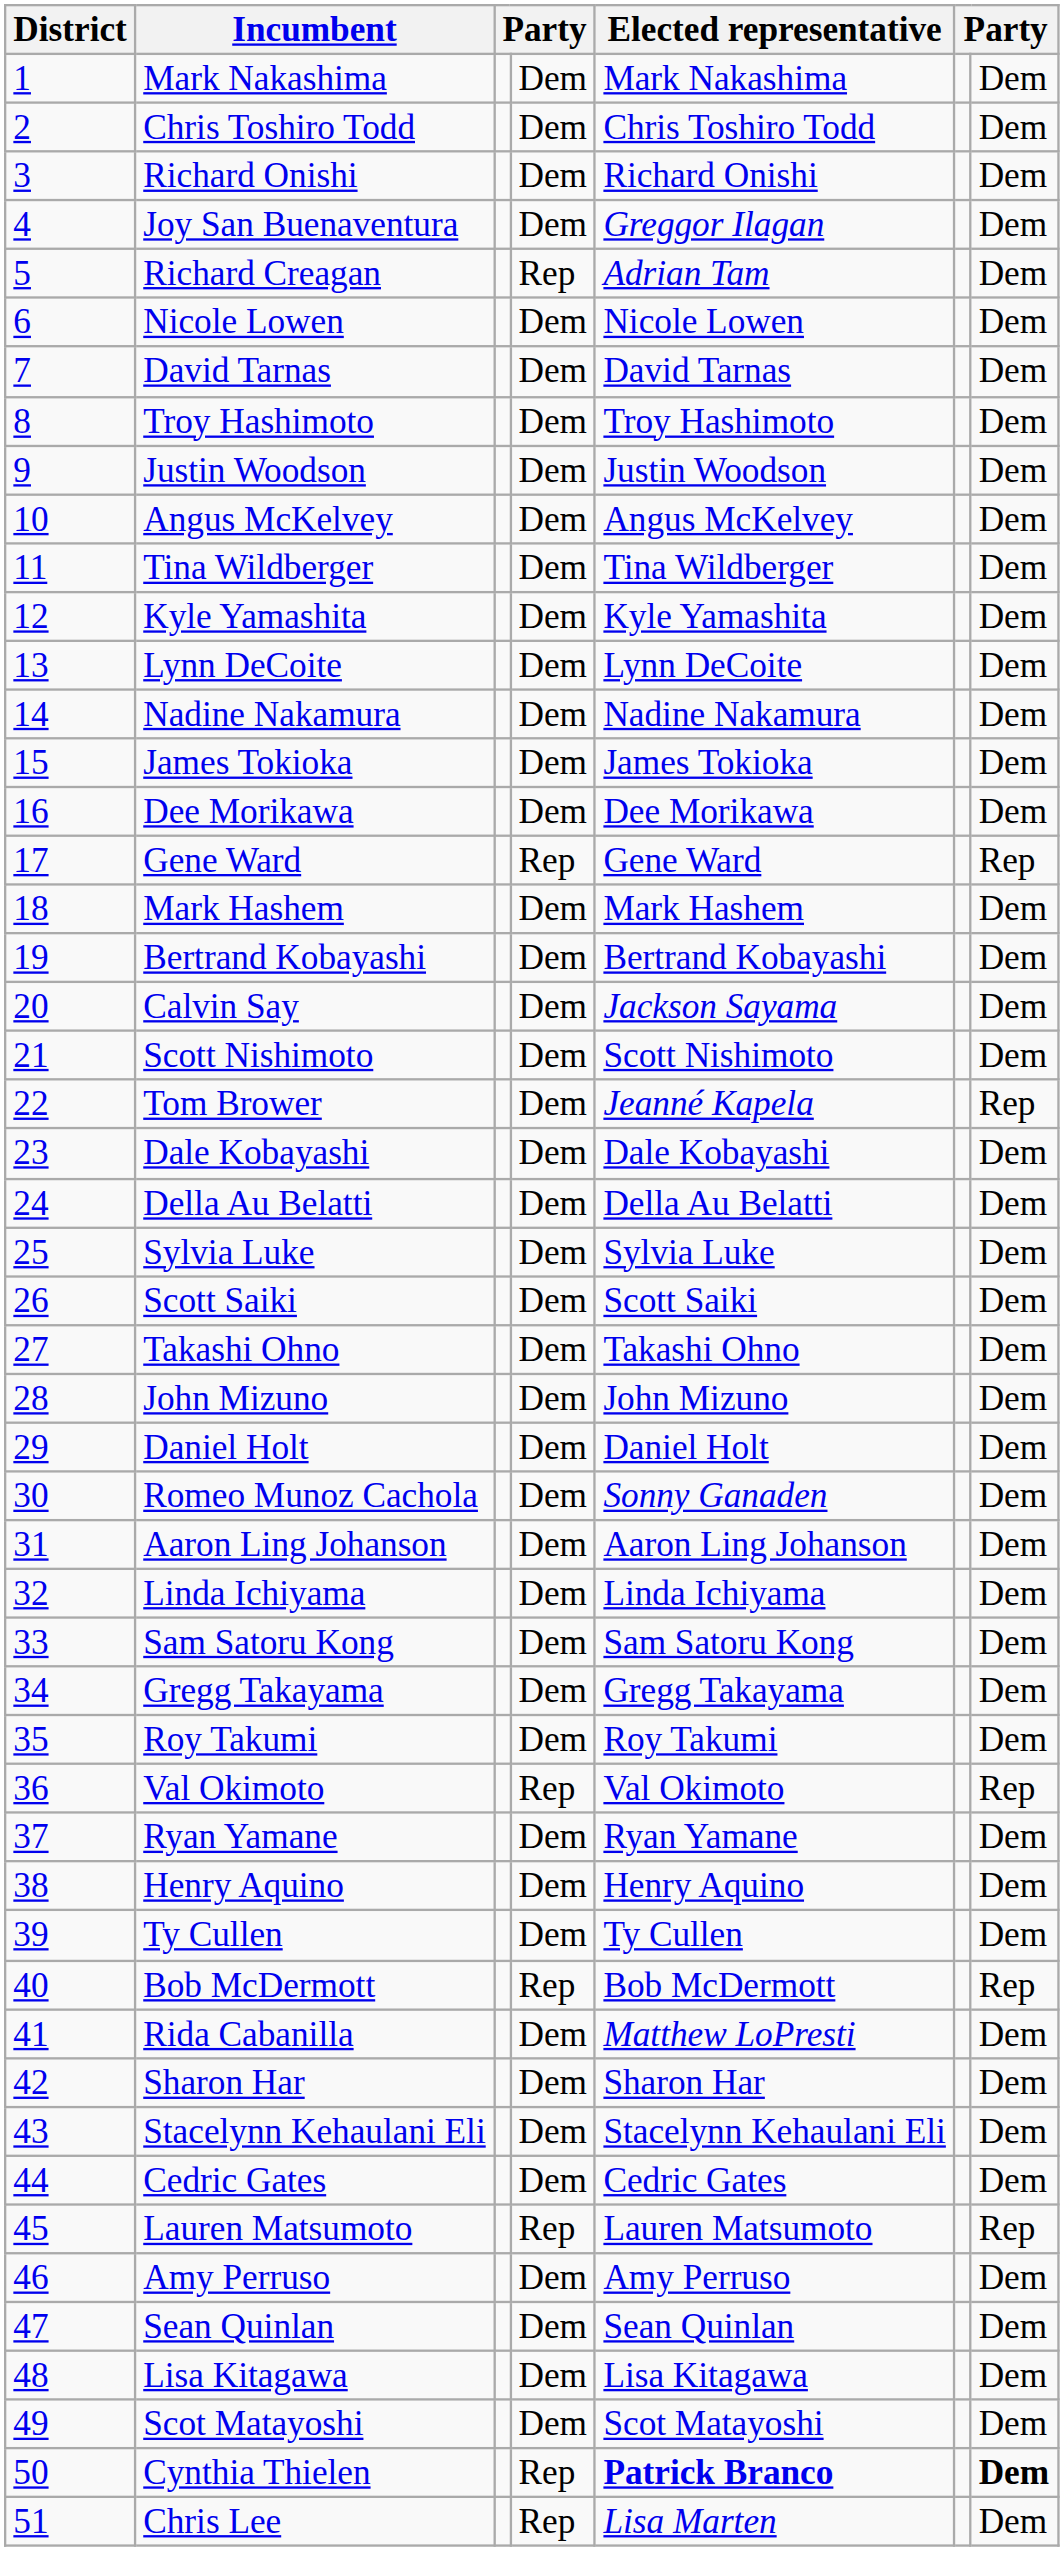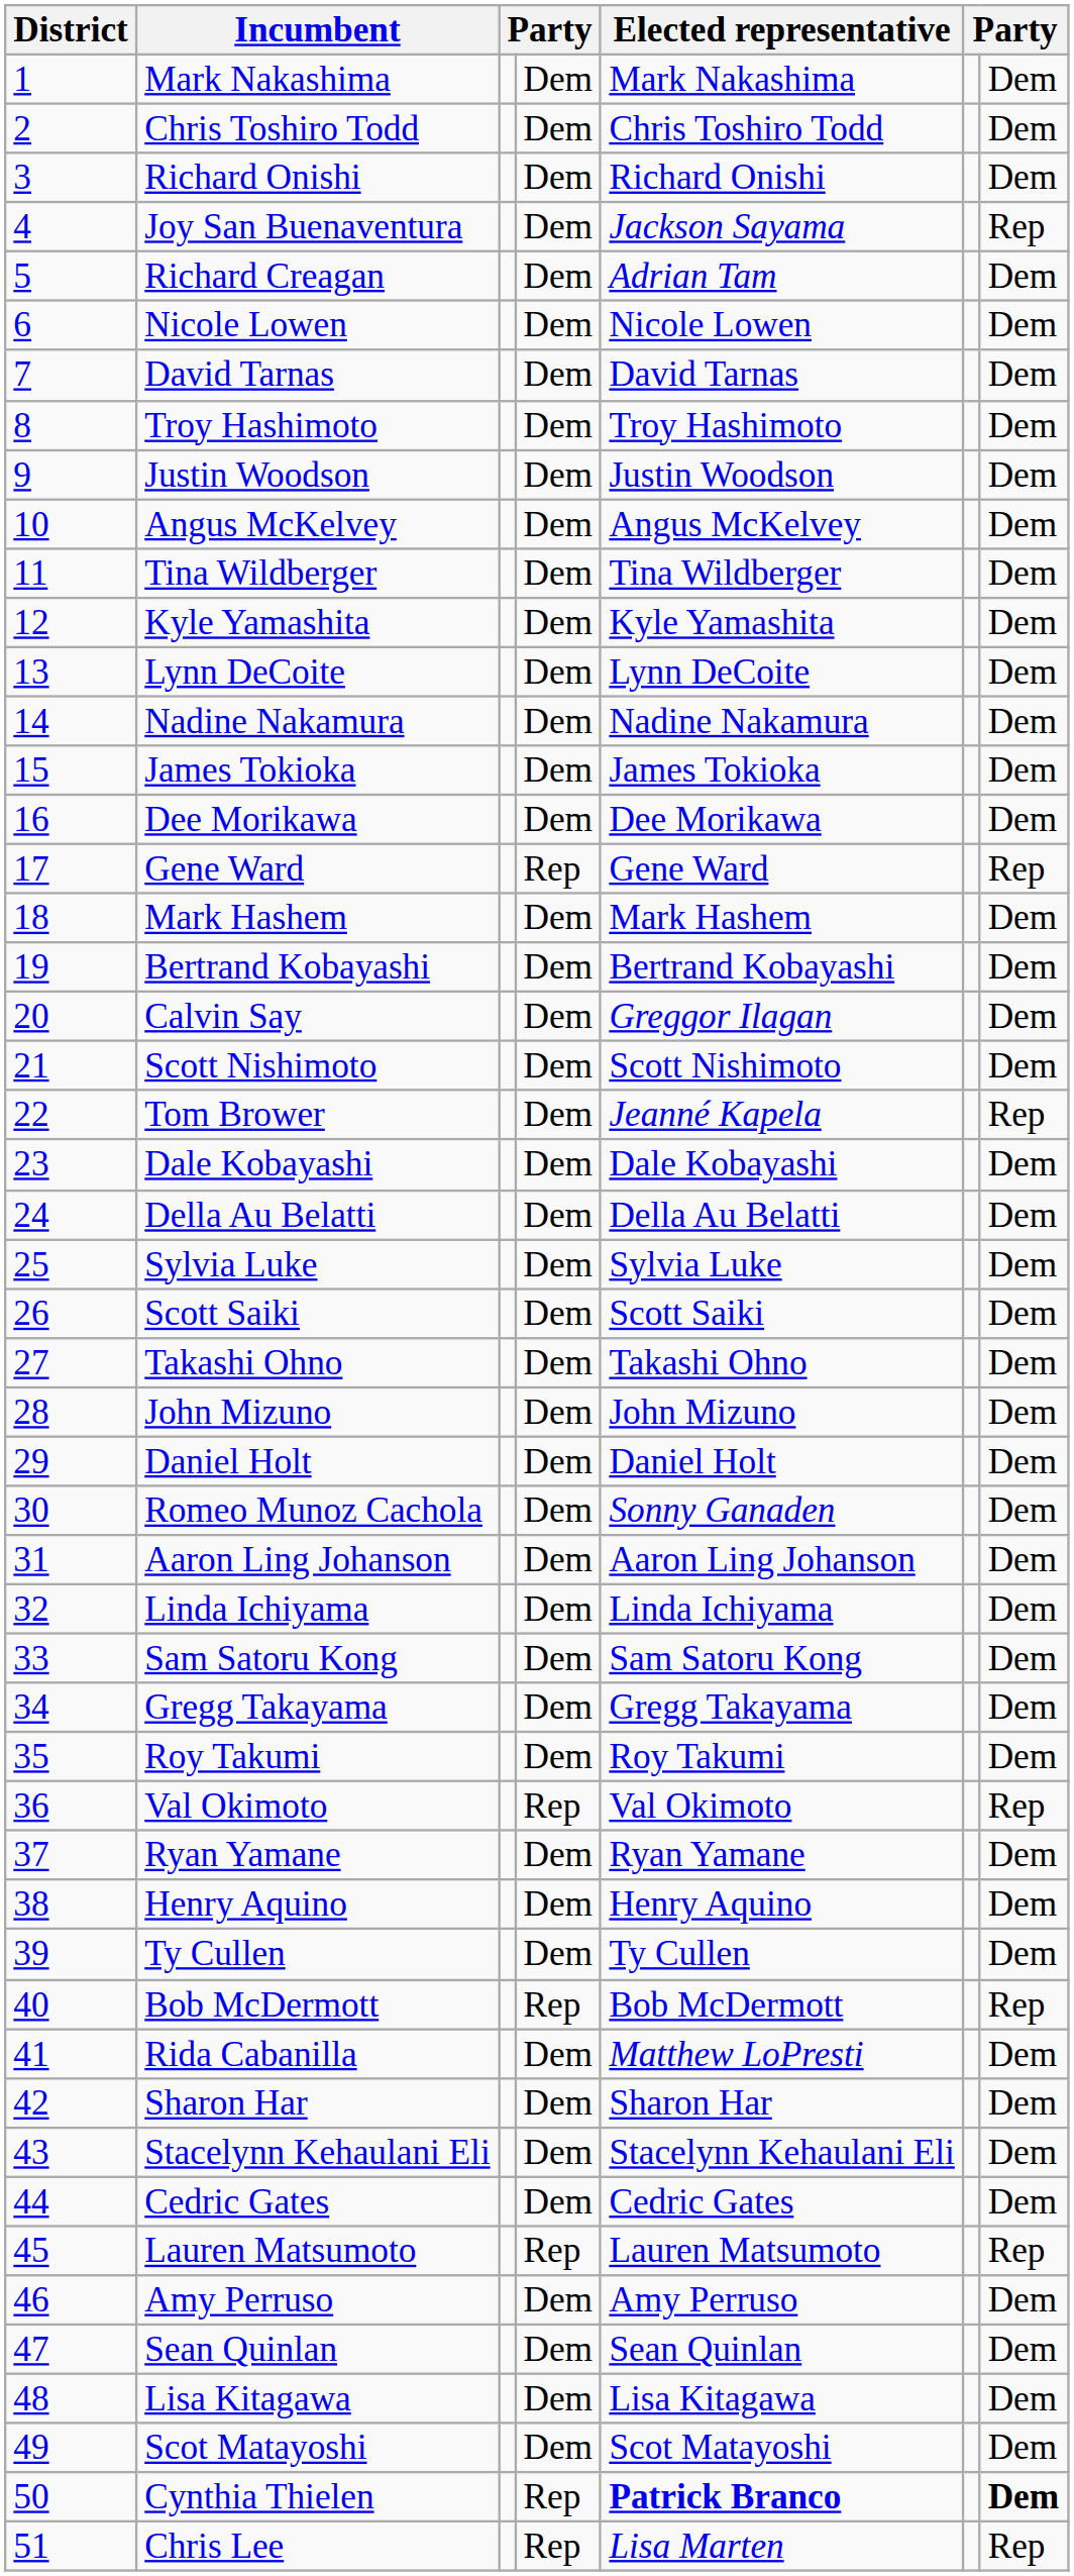 <table class="wikitable sortable" style="font-size:95%;line-height:14px;">
 <tr>
 <th>District</th>
 <th><a href='#'>Incumbent</a></th>
 <th colspan=2>Party</th>
 <th>Elected representative</th>
 <th colspan=2>Party</th>
 </tr>
 <tr>
 <td><a href='#'>1</a></td>
 <td><a href='#'>Mark Nakashima</a></td>
 <td style="background:"></td>
 <td>Dem</td>
 <td><a href='#'>Mark Nakashima</a></td>
 <td style="background:"></td>
 <td>Dem</td>
 </tr>
 <tr>
 <td><a href='#'>2</a></td>
 <td><a href='#'>Chris Toshiro Todd</a></td>
 <td style="background:"></td>
 <td>Dem</td>
 <td><a href='#'>Chris Toshiro Todd</a></td>
 <td style="background:"></td>
 <td>Dem</td>
 </tr>
 <tr>
 <td><a href='#'>3</a></td>
 <td><a href='#'>Richard Onishi</a></td>
 <td style="background:"></td>
 <td>Dem</td>
 <td><a href='#'>Richard Onishi</a></td>
 <td style="background:"></td>
 <td>Dem</td>
 </tr>
 <tr>
 <td><a href='#'>4</a></td>
 <td><a href='#'>Joy San Buenaventura</a></td>
 <td style="background:"></td>
 <td>Dem</td>
-<td><em><a href='#'>Greggor Ilagan</a></em></td>
+<td><em><a href='#'>Jackson Sayama</a></em></td>
 <td style="background:"></td>
-<td>Dem</td>
+<td>Rep</td>
 </tr>
 <tr>
 <td><a href='#'>5</a></td>
 <td><a href='#'>Richard Creagan</a></td>
 <td style="background:"></td>
-<td>Rep</td>
+<td>Dem</td>
 <td><em><a href='#'>Adrian Tam</a></em></td>
 <td style="background:"></td>
 <td>Dem</td>
 </tr>
 <tr>
 <td><a href='#'>6</a></td>
 <td><a href='#'>Nicole Lowen</a></td>
 <td style="background:"></td>
 <td>Dem</td>
 <td><a href='#'>Nicole Lowen</a></td>
 <td style="background:"></td>
 <td>Dem</td>
 </tr>
 <tr>
 <td><a href='#'>7</a></td>
 <td><a href='#'>David Tarnas</a></td>
 <td style="background:"></td>
 <td>Dem</td>
 <td><a href='#'>David Tarnas</a></td>
 <td style="background:"></td>
 <td>Dem</td>
 </tr>
 <tr>
 <td><a href='#'>8</a></td>
 <td><a href='#'>Troy Hashimoto</a></td>
 <td style="background:"></td>
 <td>Dem</td>
 <td><a href='#'>Troy Hashimoto</a></td>
 <td style="background:"></td>
 <td>Dem</td>
 </tr>
 <tr>
 <td><a href='#'>9</a></td>
 <td><a href='#'>Justin Woodson</a></td>
 <td style="background:"></td>
 <td>Dem</td>
 <td><a href='#'>Justin Woodson</a></td>
 <td style="background:"></td>
 <td>Dem</td>
 </tr>
 <tr>
 <td><a href='#'>10</a></td>
 <td><a href='#'>Angus McKelvey</a></td>
 <td style="background:"></td>
 <td>Dem</td>
 <td><a href='#'>Angus McKelvey</a></td>
 <td style="background:"></td>
 <td>Dem</td>
 </tr>
 <tr>
 <td><a href='#'>11</a></td>
 <td><a href='#'>Tina Wildberger</a></td>
 <td style="background:"></td>
 <td>Dem</td>
 <td><a href='#'>Tina Wildberger</a></td>
 <td style="background:"></td>
 <td>Dem</td>
 </tr>
 <tr>
 <td><a href='#'>12</a></td>
 <td><a href='#'>Kyle Yamashita</a></td>
 <td style="background:"></td>
 <td>Dem</td>
 <td><a href='#'>Kyle Yamashita</a></td>
 <td style="background:"></td>
 <td>Dem</td>
 </tr>
 <tr>
 <td><a href='#'>13</a></td>
 <td><a href='#'>Lynn DeCoite</a></td>
 <td style="background:"></td>
 <td>Dem</td>
 <td><a href='#'>Lynn DeCoite</a></td>
 <td style="background:"></td>
 <td>Dem</td>
 </tr>
 <tr>
 <td><a href='#'>14</a></td>
 <td><a href='#'>Nadine Nakamura</a></td>
 <td style="background:"></td>
 <td>Dem</td>
 <td><a href='#'>Nadine Nakamura</a></td>
 <td style="background:"></td>
 <td>Dem</td>
 </tr>
 <tr>
 <td><a href='#'>15</a></td>
 <td><a href='#'>James Tokioka</a></td>
 <td style="background:"></td>
 <td>Dem</td>
 <td><a href='#'>James Tokioka</a></td>
 <td style="background:"></td>
 <td>Dem</td>
 </tr>
 <tr>
 <td><a href='#'>16</a></td>
 <td><a href='#'>Dee Morikawa</a></td>
 <td style="background:"></td>
 <td>Dem</td>
 <td><a href='#'>Dee Morikawa</a></td>
 <td style="background:"></td>
 <td>Dem</td>
 </tr>
 <tr>
 <td><a href='#'>17</a></td>
 <td><a href='#'>Gene Ward</a></td>
 <td style="background:"></td>
 <td>Rep</td>
 <td><a href='#'>Gene Ward</a></td>
 <td style="background:"></td>
 <td>Rep</td>
 </tr>
 <tr>
 <td><a href='#'>18</a></td>
 <td><a href='#'>Mark Hashem</a></td>
 <td style="background:"></td>
 <td>Dem</td>
 <td><a href='#'>Mark Hashem</a></td>
 <td style="background:"></td>
 <td>Dem</td>
 </tr>
 <tr>
 <td><a href='#'>19</a></td>
 <td><a href='#'>Bertrand Kobayashi</a></td>
 <td style="background:"></td>
 <td>Dem</td>
 <td><a href='#'>Bertrand Kobayashi</a></td>
 <td style="background:"></td>
 <td>Dem</td>
 </tr>
 <tr>
 <td><a href='#'>20</a></td>
 <td><a href='#'>Calvin Say</a></td>
 <td style="background:"></td>
 <td>Dem</td>
-<td><em><a href='#'>Jackson Sayama</a></em></td>
+<td><em><a href='#'>Greggor Ilagan</a></em></td>
 <td style="background:"></td>
 <td>Dem</td>
 </tr>
 <tr>
 <td><a href='#'>21</a></td>
 <td><a href='#'>Scott Nishimoto</a></td>
 <td style="background:"></td>
 <td>Dem</td>
 <td><a href='#'>Scott Nishimoto</a></td>
 <td style="background:"></td>
 <td>Dem</td>
 </tr>
 <tr>
 <td><a href='#'>22</a></td>
 <td><a href='#'>Tom Brower</a></td>
 <td style="background:"></td>
 <td>Dem</td>
 <td><em><a href='#'>Jeanné Kapela</a></em></td>
 <td style="background:"></td>
 <td>Rep</td>
 </tr>
 <tr>
 <td><a href='#'>23</a></td>
 <td><a href='#'>Dale Kobayashi</a></td>
 <td style="background:"></td>
 <td>Dem</td>
 <td><a href='#'>Dale Kobayashi</a></td>
 <td style="background:"></td>
 <td>Dem</td>
 </tr>
 <tr>
 <td><a href='#'>24</a></td>
 <td><a href='#'>Della Au Belatti</a></td>
 <td style="background:"></td>
 <td>Dem</td>
 <td><a href='#'>Della Au Belatti</a></td>
 <td style="background:"></td>
 <td>Dem</td>
 </tr>
 <tr>
 <td><a href='#'>25</a></td>
 <td><a href='#'>Sylvia Luke</a></td>
 <td style="background:"></td>
 <td>Dem</td>
 <td><a href='#'>Sylvia Luke</a></td>
 <td style="background:"></td>
 <td>Dem</td>
 </tr>
 <tr>
 <td><a href='#'>26</a></td>
 <td><a href='#'>Scott Saiki</a></td>
 <td style="background:"></td>
 <td>Dem</td>
 <td><a href='#'>Scott Saiki</a></td>
 <td style="background:"></td>
 <td>Dem</td>
 </tr>
 <tr>
 <td><a href='#'>27</a></td>
 <td><a href='#'>Takashi Ohno</a></td>
 <td style="background:"></td>
 <td>Dem</td>
 <td><a href='#'>Takashi Ohno</a></td>
 <td style="background:"></td>
 <td>Dem</td>
 </tr>
 <tr>
 <td><a href='#'>28</a></td>
 <td><a href='#'>John Mizuno</a></td>
 <td style="background:"></td>
 <td>Dem</td>
 <td><a href='#'>John Mizuno</a></td>
 <td style="background:"></td>
 <td>Dem</td>
 </tr>
 <tr>
 <td><a href='#'>29</a></td>
 <td><a href='#'>Daniel Holt</a></td>
 <td style="background:"></td>
 <td>Dem</td>
 <td><a href='#'>Daniel Holt</a></td>
 <td style="background:"></td>
 <td>Dem</td>
 </tr>
 <tr>
 <td><a href='#'>30</a></td>
 <td><a href='#'>Romeo Munoz Cachola</a></td>
 <td style="background:"></td>
 <td>Dem</td>
 <td><em><a href='#'>Sonny Ganaden</a></em></td>
 <td style="background:"></td>
 <td>Dem</td>
 </tr>
 <tr>
 <td><a href='#'>31</a></td>
 <td><a href='#'>Aaron Ling Johanson</a></td>
 <td style="background:"></td>
 <td>Dem</td>
 <td><a href='#'>Aaron Ling Johanson</a></td>
 <td style="background:"></td>
 <td>Dem</td>
 </tr>
 <tr>
 <td><a href='#'>32</a></td>
 <td><a href='#'>Linda Ichiyama</a></td>
 <td style="background:"></td>
 <td>Dem</td>
 <td><a href='#'>Linda Ichiyama</a></td>
 <td style="background:"></td>
 <td>Dem</td>
 </tr>
 <tr>
 <td><a href='#'>33</a></td>
 <td><a href='#'>Sam Satoru Kong</a></td>
 <td style="background:"></td>
 <td>Dem</td>
 <td><a href='#'>Sam Satoru Kong</a></td>
 <td style="background:"></td>
 <td>Dem</td>
 </tr>
 <tr>
 <td><a href='#'>34</a></td>
 <td><a href='#'>Gregg Takayama</a></td>
 <td style="background:"></td>
 <td>Dem</td>
 <td><a href='#'>Gregg Takayama</a></td>
 <td style="background:"></td>
 <td>Dem</td>
 </tr>
 <tr>
 <td><a href='#'>35</a></td>
 <td><a href='#'>Roy Takumi</a></td>
 <td style="background:"></td>
 <td>Dem</td>
 <td><a href='#'>Roy Takumi</a></td>
 <td style="background:"></td>
 <td>Dem</td>
 </tr>
 <tr>
 <td><a href='#'>36</a></td>
 <td><a href='#'>Val Okimoto</a></td>
 <td style="background:"></td>
 <td>Rep</td>
 <td><a href='#'>Val Okimoto</a></td>
 <td style="background:"></td>
 <td>Rep</td>
 </tr>
 <tr>
 <td><a href='#'>37</a></td>
 <td><a href='#'>Ryan Yamane</a></td>
 <td style="background:"></td>
 <td>Dem</td>
 <td><a href='#'>Ryan Yamane</a></td>
 <td style="background:"></td>
 <td>Dem</td>
 </tr>
 <tr>
 <td><a href='#'>38</a></td>
 <td><a href='#'>Henry Aquino</a></td>
 <td style="background:"></td>
 <td>Dem</td>
 <td><a href='#'>Henry Aquino</a></td>
 <td style="background:"></td>
 <td>Dem</td>
 </tr>
 <tr>
 <td><a href='#'>39</a></td>
 <td><a href='#'>Ty Cullen</a></td>
 <td style="background:"></td>
 <td>Dem</td>
 <td><a href='#'>Ty Cullen</a></td>
 <td style="background:"></td>
 <td>Dem</td>
 </tr>
 <tr>
 <td><a href='#'>40</a></td>
 <td><a href='#'>Bob McDermott</a></td>
 <td style="background:"></td>
 <td>Rep</td>
 <td><a href='#'>Bob McDermott</a></td>
 <td style="background:"></td>
 <td>Rep</td>
 </tr>
 <tr>
 <td><a href='#'>41</a></td>
 <td><a href='#'>Rida Cabanilla</a></td>
 <td style="background:"></td>
 <td>Dem</td>
 <td><em><a href='#'>Matthew LoPresti</a></em></td>
 <td style="background:"></td>
 <td>Dem</td>
 </tr>
 <tr>
 <td><a href='#'>42</a></td>
 <td><a href='#'>Sharon Har</a></td>
 <td style="background:"></td>
 <td>Dem</td>
 <td><a href='#'>Sharon Har</a></td>
 <td style="background:"></td>
 <td>Dem</td>
 </tr>
 <tr>
 <td><a href='#'>43</a></td>
 <td><a href='#'>Stacelynn Kehaulani Eli</a></td>
 <td style="background:"></td>
 <td>Dem</td>
 <td><a href='#'>Stacelynn Kehaulani Eli</a></td>
 <td style="background:"></td>
 <td>Dem</td>
 </tr>
 <tr>
 <td><a href='#'>44</a></td>
 <td><a href='#'>Cedric Gates</a></td>
 <td style="background:"></td>
 <td>Dem</td>
 <td><a href='#'>Cedric Gates</a></td>
 <td style="background:"></td>
 <td>Dem</td>
 </tr>
 <tr>
 <td><a href='#'>45</a></td>
 <td><a href='#'>Lauren Matsumoto</a></td>
 <td style="background:"></td>
 <td>Rep</td>
 <td><a href='#'>Lauren Matsumoto</a></td>
 <td style="background:"></td>
 <td>Rep</td>
 </tr>
 <tr>
 <td><a href='#'>46</a></td>
 <td><a href='#'>Amy Perruso</a></td>
 <td style="background:"></td>
 <td>Dem</td>
 <td><a href='#'>Amy Perruso</a></td>
 <td style="background:"></td>
 <td>Dem</td>
 </tr>
 <tr>
 <td><a href='#'>47</a></td>
 <td><a href='#'>Sean Quinlan</a></td>
 <td style="background:"></td>
 <td>Dem</td>
 <td><a href='#'>Sean Quinlan</a></td>
 <td style="background:"></td>
 <td>Dem</td>
 </tr>
 <tr>
 <td><a href='#'>48</a></td>
 <td><a href='#'>Lisa Kitagawa</a></td>
 <td style="background:"></td>
 <td>Dem</td>
 <td><a href='#'>Lisa Kitagawa</a></td>
 <td style="background:"></td>
 <td>Dem</td>
 </tr>
 <tr>
 <td><a href='#'>49</a></td>
 <td><a href='#'>Scot Matayoshi</a></td>
 <td style="background:"></td>
 <td>Dem</td>
 <td><a href='#'>Scot Matayoshi</a></td>
 <td style="background:"></td>
 <td>Dem</td>
 </tr>
 <tr>
 <td><a href='#'>50</a></td>
 <td><a href='#'>Cynthia Thielen</a></td>
 <td style="background:"></td>
 <td>Rep</td>
 <td><strong><a href='#'>Patrick Branco</a></strong></td>
 <td style="background:"></td>
 <td><strong>Dem</strong></td>
 </tr>
 <tr>
 <td><a href='#'>51</a></td>
 <td><a href='#'>Chris Lee</a></td>
 <td style="background:"></td>
 <td>Rep</td>
 <td><em><a href='#'>Lisa Marten</a></em></td>
 <td style="background:"></td>
-<td>Dem</td>
+<td>Rep</td>
 </tr>
 </table>
